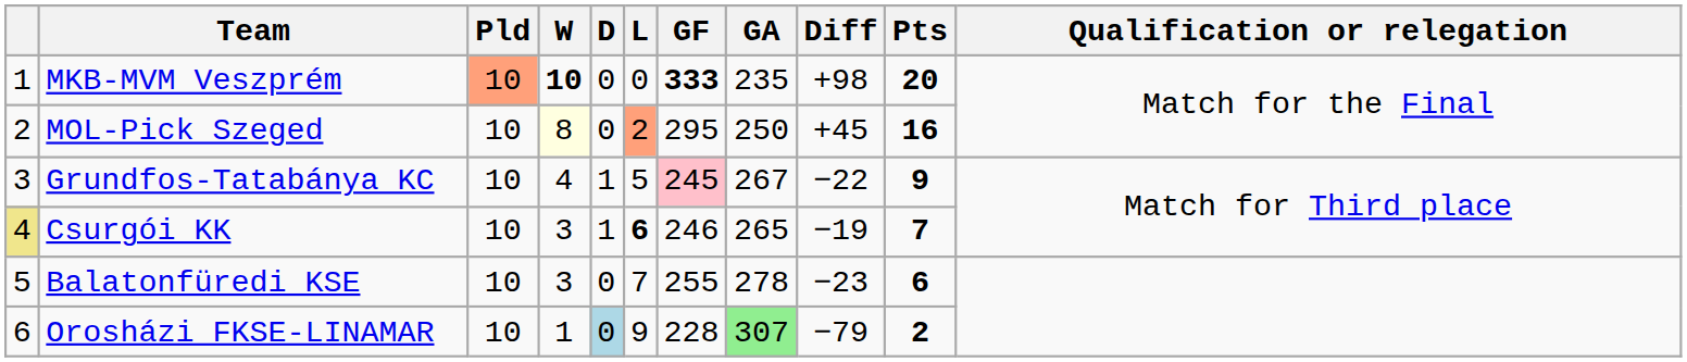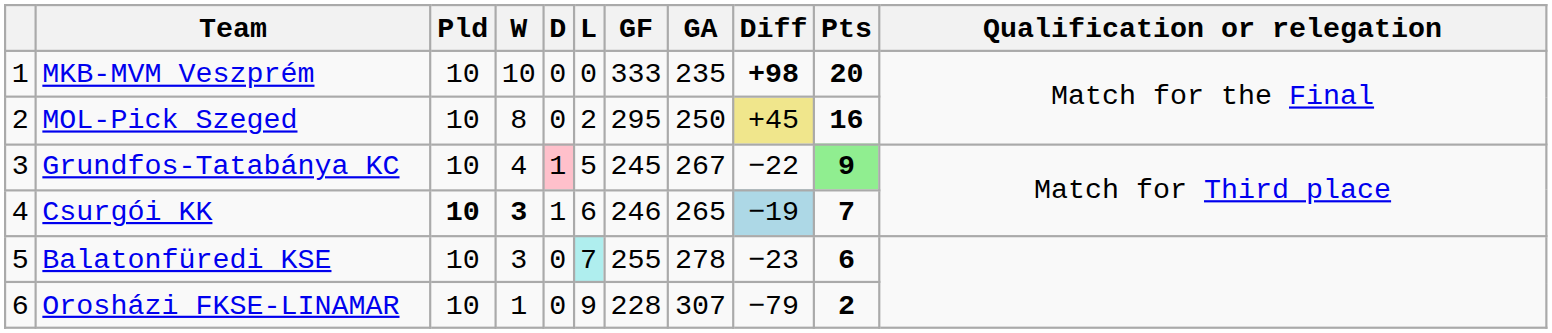 <table class="wikitable sortable" style="text-align:center">
 <tr>
 <th></th>
 <th width="175">Team</th>
 <th>Pld</th>
 <th>W</th>
 <th>D</th>
 <th>L</th>
 <th>GF</th>
 <th>GA</th>
 <th>Diff</th>
 <th>Pts</th>
 <th width="300">Qualification or relegation</th>
 </tr>
 <tr>
 <td>1</td>
 <td align=left> <a href='#'>MKB-MVM Veszprém</a></td>
-<td style="background: lightsalmon;">10</td>
-<td><strong>10</strong></td>
+<td>10</td>
+<td>10</td>
 <td>0</td>
 <td>0</td>
-<td><strong>333</strong></td>
+<td>333</td>
 <td>235</td>
-<td>+98</td>
+<td><strong>+98</strong></td>
 <td><strong>20</strong></td>
 <td rowspan="2">Match for the <a href='#'>Final</a></td>
 </tr>
 <tr>
 <td>2</td>
 <td align=left> <a href='#'>MOL-Pick Szeged</a></td>
 <td>10</td>
-<td style="background: lightyellow;">8</td>
+<td>8</td>
 <td>0</td>
-<td style="background: lightsalmon;">2</td>
+<td>2</td>
 <td>295</td>
 <td>250</td>
-<td>+45</td>
+<td style="background: khaki;">+45</td>
 <td><strong>16</strong></td>
 </tr>
 <tr>
 <td>3</td>
 <td align=left> <a href='#'>Grundfos-Tatabánya KC</a></td>
 <td>10</td>
 <td>4</td>
-<td>1</td>
+<td style="background: pink;">1</td>
 <td>5</td>
-<td style="background: pink;">245</td>
+<td>245</td>
 <td>267</td>
 <td>−22</td>
-<td><strong>9</strong></td>
+<td style="background: lightgreen;"><strong>9</strong></td>
 <td rowspan="2">Match for <a href='#'>Third place</a></td>
 </tr>
 <tr>
-<td style="background: khaki;">4</td>
+<td>4</td>
 <td align=left> <a href='#'>Csurgói KK</a></td>
-<td>10</td>
-<td>3</td>
+<td><strong>10</strong></td>
+<td><strong>3</strong></td>
 <td>1</td>
-<td><strong>6</strong></td>
+<td>6</td>
 <td>246</td>
 <td>265</td>
-<td>−19</td>
+<td style="background: lightblue;">−19</td>
 <td><strong>7</strong></td>
 </tr>
 <tr>
 <td>5</td>
 <td align=left> <a href='#'>Balatonfüredi KSE</a></td>
 <td>10</td>
 <td>3</td>
 <td>0</td>
-<td>7</td>
+<td style="background: paleturquoise;">7</td>
 <td>255</td>
 <td>278</td>
 <td>−23</td>
 <td><strong>6</strong></td>
 </tr>
 <tr>
 <td>6</td>
 <td align=left> <a href='#'>Orosházi FKSE-LINAMAR</a></td>
 <td>10</td>
 <td>1</td>
-<td style="background: lightblue;">0</td>
+<td>0</td>
 <td>9</td>
 <td>228</td>
-<td style="background: lightgreen;">307</td>
+<td>307</td>
 <td>−79</td>
 <td><strong>2</strong></td>
 </tr>
 </table>
